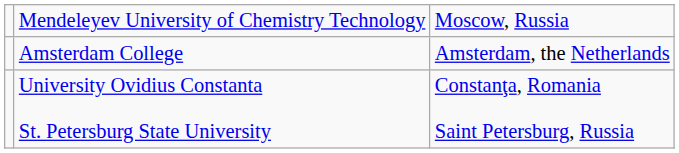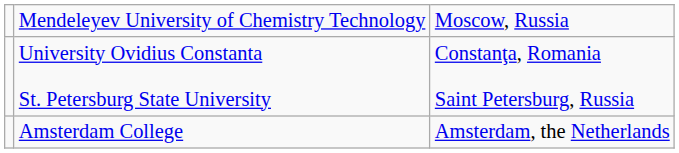 <table class="wikitable">
 <tr>
 <td></td>
 <td> <a href='#'>Mendeleyev University of Chemistry Technology</a></td>
 <td><a href='#'>Moscow</a>, <a href='#'>Russia</a></td>
 </tr>
 <tr>
 <td></td>
+<td> <a href='#'>University Ovidius Constanta</a><br><br> <a href='#'>St. Petersburg State University</a></td>
+<td><a href='#'>Constanţa</a>, <a href='#'>Romania</a><br><br><a href='#'>Saint Petersburg</a>, <a href='#'>Russia</a></td>
+</tr>
+<tr>
+<td></td>
 <td> <a href='#'>Amsterdam College</a></td>
 <td><a href='#'>Amsterdam</a>, the <a href='#'>Netherlands</a></td>
 </tr>
-<tr>
-<td></td>
-<td> <a href='#'>University Ovidius Constanta</a><br><br> <a href='#'>St. Petersburg State University</a></td>
-<td><a href='#'>Constanţa</a>, <a href='#'>Romania</a><br><br><a href='#'>Saint Petersburg</a>, <a href='#'>Russia</a></td>
-</tr>
 </table>
